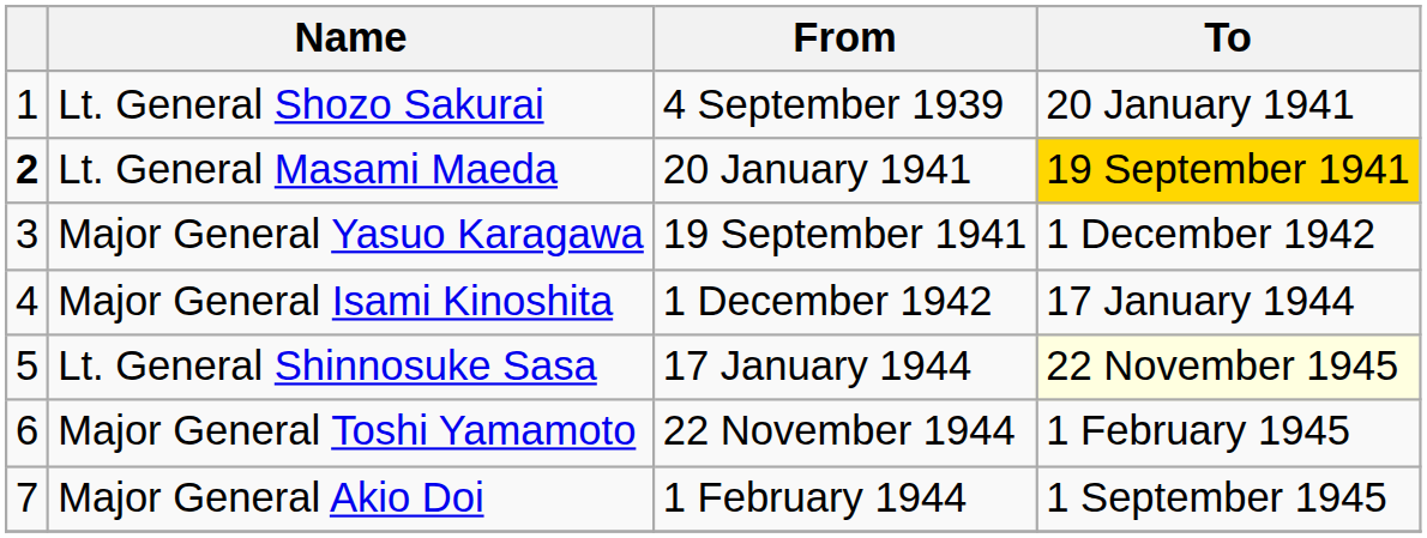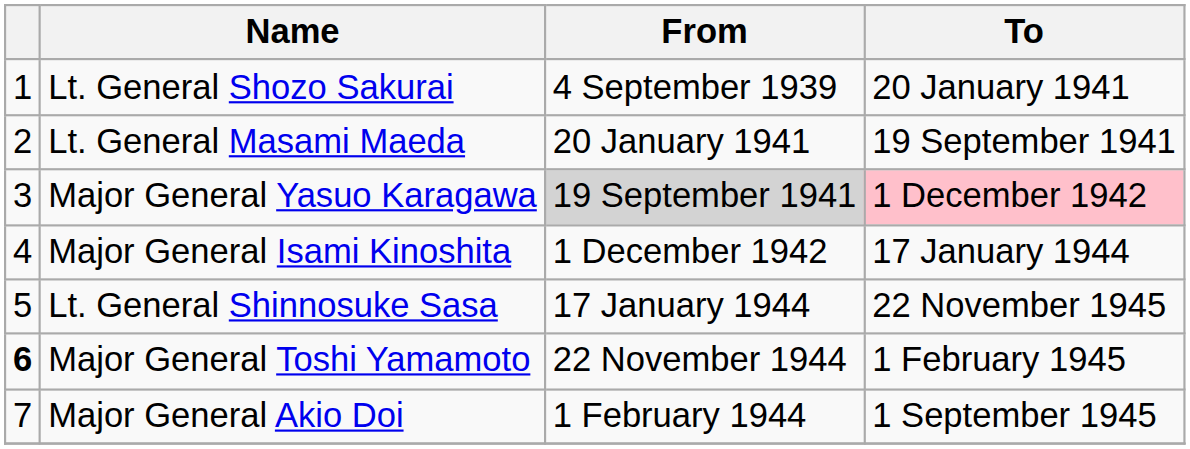 <table class=wikitable>
 <tr>
 <th></th>
 <th>Name</th>
 <th>From</th>
 <th>To</th>
 </tr>
 <tr>
 <td>1</td>
 <td>Lt.  General <a href='#'>Shozo Sakurai</a></td>
 <td>4 September 1939</td>
 <td>20 January 1941</td>
 </tr>
 <tr>
-<td><strong>2</strong></td>
+<td>2</td>
 <td>Lt. General <a href='#'>Masami Maeda</a></td>
 <td>20 January 1941</td>
-<td style="background: gold;">19 September 1941</td>
+<td>19 September 1941</td>
 </tr>
 <tr>
 <td>3</td>
 <td>Major General <a href='#'>Yasuo Karagawa</a></td>
-<td>19 September 1941</td>
-<td>1 December 1942</td>
+<td style="background: lightgrey;">19 September 1941</td>
+<td style="background: pink;">1 December 1942</td>
 </tr>
 <tr>
 <td>4</td>
 <td>Major General <a href='#'>Isami Kinoshita</a></td>
 <td>1 December 1942</td>
 <td>17 January 1944</td>
 </tr>
 <tr>
 <td>5</td>
 <td>Lt. General <a href='#'>Shinnosuke Sasa</a></td>
 <td>17 January 1944</td>
-<td style="background: lightyellow;">22 November 1945</td>
+<td>22 November 1945</td>
 </tr>
 <tr>
-<td>6</td>
+<td><strong>6</strong></td>
 <td>Major General <a href='#'>Toshi Yamamoto</a></td>
 <td>22 November 1944</td>
 <td>1 February 1945</td>
 </tr>
 <tr>
 <td>7</td>
 <td>Major General <a href='#'>Akio Doi</a></td>
 <td>1 February 1944</td>
 <td>1 September 1945</td>
 </tr>
 <tr>
 </tr>
 </table>
